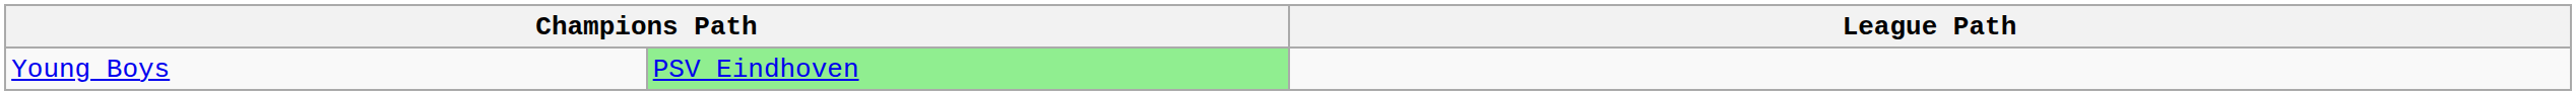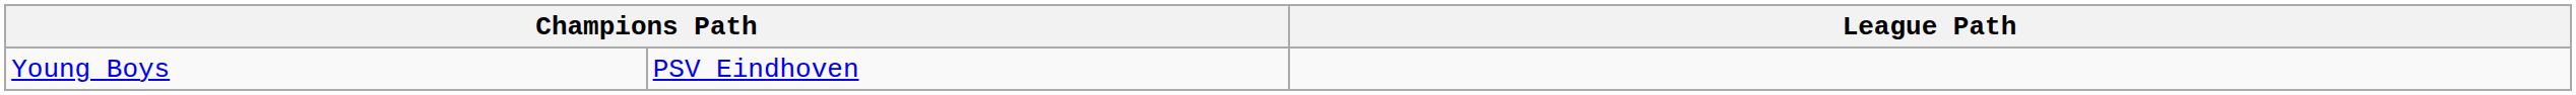 <table class="wikitable" style="table-layout:fixed;width:100%;">
 <tr>
 <th colspan="2">Champions Path</th>
 <th colspan="2">League Path</th>
 </tr>
 <tr>
 <td width=25%> <a href='#'>Young Boys</a> </td>
-<td width=25% style="background: lightgreen;"> <a href='#'>PSV Eindhoven</a> </td>
+<td width=25%> <a href='#'>PSV Eindhoven</a> </td>
 <td width=50% colspan="2"></td>
 </tr>
 </table>
